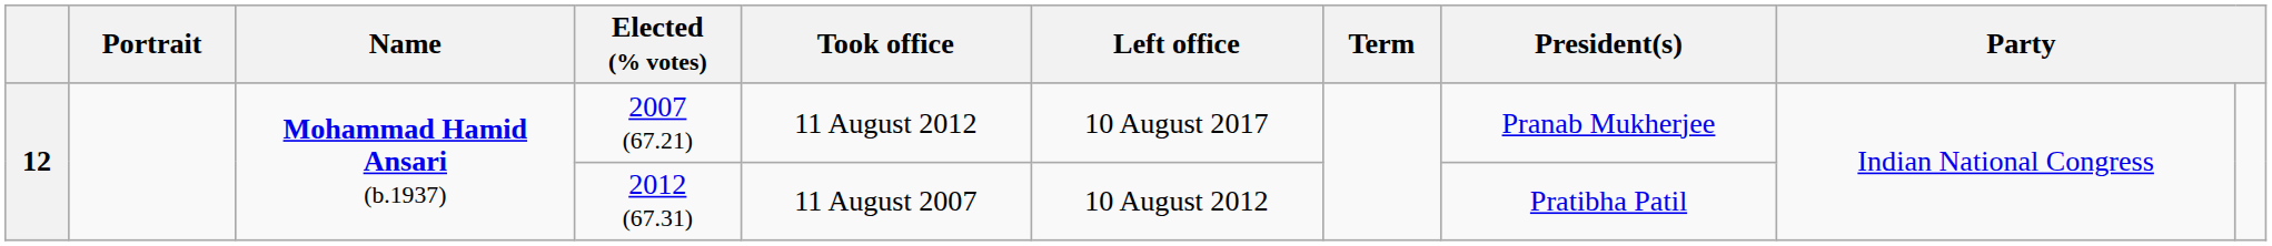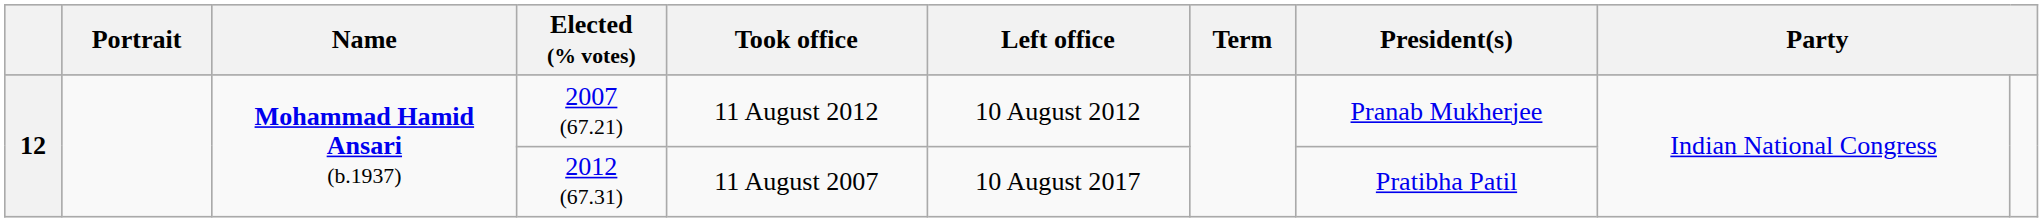 <table class="wikitable sortable" style="text-align:center;margin-top:0.5em;">
 <tr>
 <th></th>
 <th class="unsortable">Portrait</th>
 <th style="width:15%;">Name                                      <br></th>
 <th>Elected<br><small>(% votes)</small></th>
 <th>Took office</th>
 <th>Left office</th>
 <th>Term</th>
 <th>President(s)</th>
 <th scope="col" class="unsortable" colspan="2">Party</th>
 </tr>
 <tr>
 <th rowspan="2">12</th>
 <td rowspan="2"></td>
 <td rowspan="2"><strong><a href='#'>Mohammad Hamid Ansari</a></strong><br><small>(b.1937)</small></td>
 <td><a href='#'>2007</a><br><small>(67.21)</small></td>
 <td>11 August 2012</td>
-<td>10 August 2017</td>
+<td>10 August 2012</td>
 <td rowspan="2"></td>
 <td><a href='#'>Pranab Mukherjee</a></td>
 <td rowspan="2"><a href='#'>Indian National Congress</a></td>
 <td rowspan="2" style="background:"> </td>
 </tr>
 <tr>
 <td><a href='#'>2012</a><br><small>(67.31)</small></td>
 <td>11 August 2007</td>
-<td>10 August 2012</td>
+<td>10 August 2017</td>
 <td><a href='#'>Pratibha Patil</a></td>
 </tr>
 </table>
